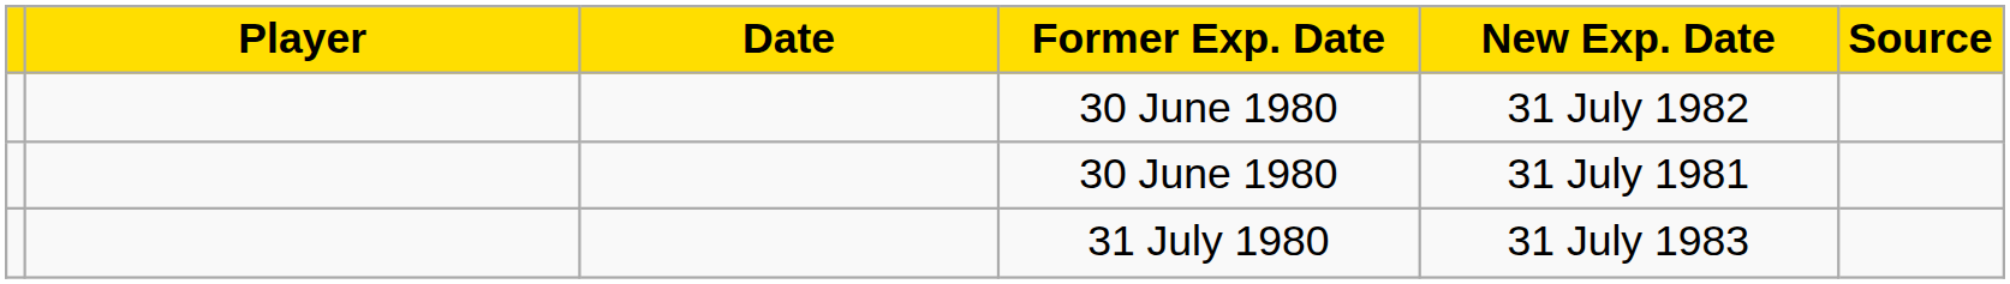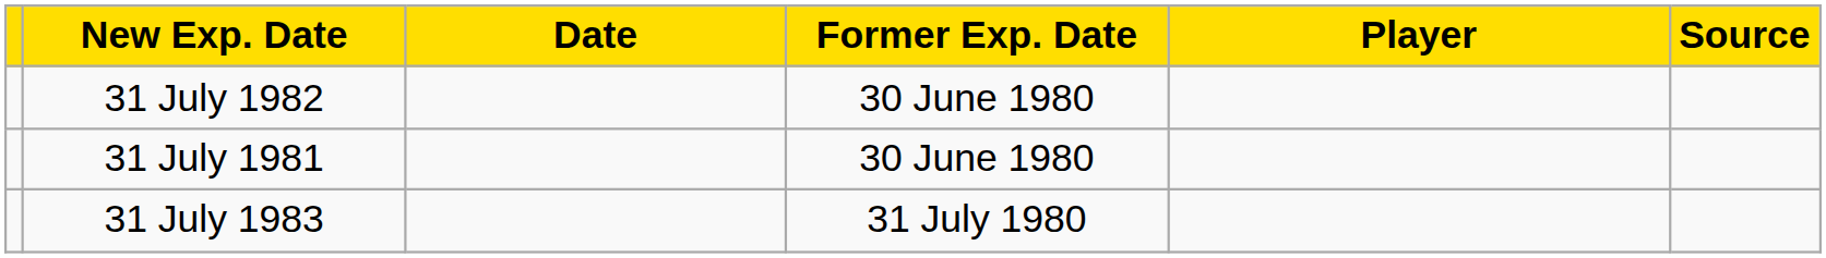 <table class="wikitable sortable">
 <tr>
 <th style="background:#FFDE00"></th>
-<th width=200 style="background:#FFDE00">Player</th>
+<th width=150 style="background:#FFDE00">New Exp. Date</th>
 <th width=150 style="background:#FFDE00">Date</th>
 <th width=150 style="background:#FFDE00">Former Exp. Date</th>
-<th width=150 style="background:#FFDE00">New Exp. Date</th>
+<th width=200 style="background:#FFDE00">Player</th>
 <th style="background:#FFDE00">Source</th>
 </tr>
 <tr>
 <td align=center></td>
-<td></td>
+<td align=center>31 July 1982</td>
 <td align=center></td>
 <td align=center>30 June 1980</td>
-<td align=center>31 July 1982</td>
+<td></td>
 <td align=center></td>
 </tr>
 <tr>
 <td align=center></td>
-<td></td>
+<td align=center>31 July 1981</td>
 <td align=center></td>
 <td align=center>30 June 1980</td>
-<td align=center>31 July 1981</td>
+<td></td>
 <td align=center></td>
 </tr>
 <tr>
 <td align=center></td>
-<td></td>
+<td align=center>31 July 1983</td>
 <td align=center></td>
 <td align=center>31 July 1980</td>
-<td align=center>31 July 1983</td>
+<td></td>
 <td align=center></td>
 </tr>
 </table>
